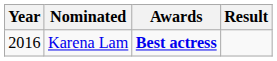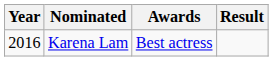 <table class="wikitable">
 <tr>
 <th><strong>Year</strong></th>
 <th><strong>Nominated</strong></th>
 <th>Awards</th>
 <th><strong>Result</strong></th>
 </tr>
 <tr>
 <td rowspan="3">2016</td>
 <td><a href='#'>Karena Lam</a></td>
-<td><strong><a href='#'>Best actress</a></strong></td>
+<td><a href='#'>Best actress</a></td>
 <td></td>
 </tr>
 </table>
